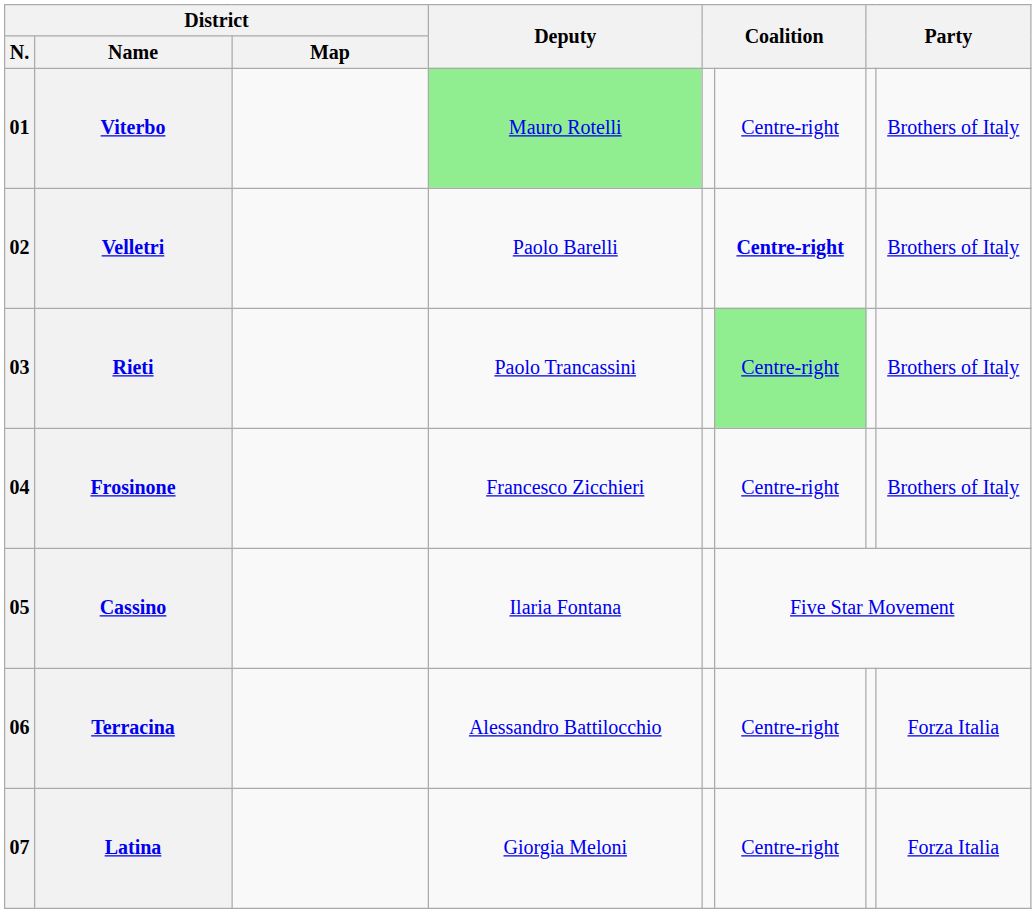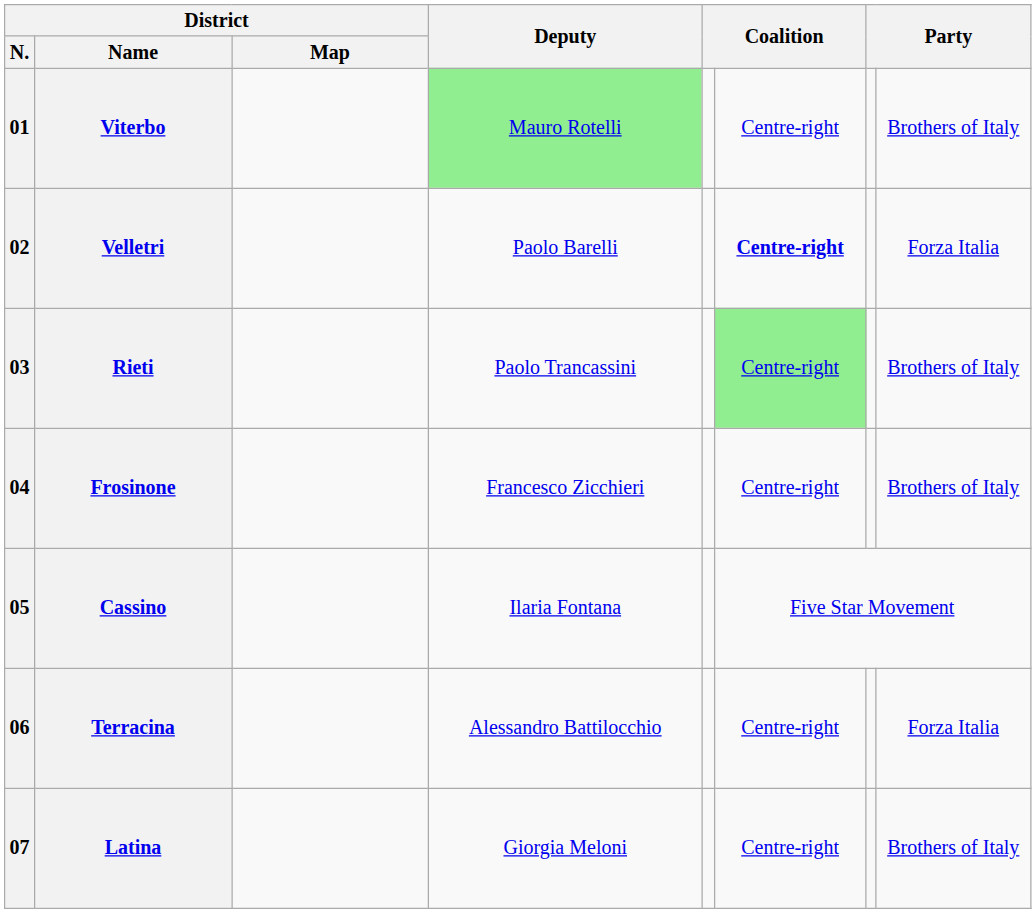 <table class="wikitable" style="text-align:center; style="width=65%">
 <tr>
 <th width=35% colspan="3">District</th>
 <th width=25% rowspan="2">Deputy</th>
 <th width=15% colspan="2" rowspan="2">Coalition</th>
 <th width=15% colspan="2" rowspan="2">Party</th>
 </tr>
 <tr>
 <th width=1%>N.</th>
 <th width=18%>Name</th>
 <th width=18%>Map</th>
 </tr>
 <tr style="height:6em;">
 <th>01</th>
 <th><a href='#'>Viterbo</a></th>
 <td></td>
 <td style="background: lightgreen;"><a href='#'>Mauro Rotelli</a></td>
 <td style="background:"></td>
 <td><a href='#'>Centre-right</a></td>
 <td style="background:"></td>
 <td><a href='#'>Brothers of Italy</a></td>
 </tr>
 <tr style="height:6em;">
 <th>02</th>
 <th><a href='#'>Velletri</a></th>
 <td></td>
 <td><a href='#'>Paolo Barelli</a></td>
 <td style="background:"></td>
 <td><strong><a href='#'>Centre-right</a></strong></td>
 <td style="background:"></td>
-<td><a href='#'>Brothers of Italy</a></td>
+<td><a href='#'>Forza Italia</a></td>
 </tr>
 <tr style="height:6em;">
 <th>03</th>
 <th><a href='#'>Rieti</a></th>
 <td></td>
 <td><a href='#'>Paolo Trancassini</a></td>
 <td style="background:"></td>
 <td style="background: lightgreen;"><a href='#'>Centre-right</a></td>
 <td style="background:"></td>
 <td><a href='#'>Brothers of Italy</a></td>
 </tr>
 <tr style="height:6em;">
 <th>04</th>
 <th><a href='#'>Frosinone</a></th>
 <td></td>
 <td><a href='#'>Francesco Zicchieri</a></td>
 <td style="background:"></td>
 <td><a href='#'>Centre-right</a></td>
 <td style="background:"></td>
 <td><a href='#'>Brothers of Italy</a></td>
 </tr>
 <tr style="height:6em;">
 <th>05</th>
 <th><a href='#'>Cassino</a></th>
 <td></td>
 <td><a href='#'>Ilaria Fontana</a></td>
 <td style="background:"></td>
 <td colspan=3><a href='#'>Five Star Movement</a></td>
 </tr>
 <tr style="height:6em;">
 <th>06</th>
 <th><a href='#'>Terracina</a></th>
 <td></td>
 <td><a href='#'>Alessandro Battilocchio</a></td>
 <td style="background:"></td>
 <td><a href='#'>Centre-right</a></td>
 <td style="background:"></td>
 <td><a href='#'>Forza Italia</a></td>
 </tr>
 <tr style="height:6em;">
 <th>07</th>
 <th><a href='#'>Latina</a></th>
 <td></td>
 <td><a href='#'>Giorgia Meloni</a></td>
 <td style="background:"></td>
 <td><a href='#'>Centre-right</a></td>
 <td style="background:"></td>
-<td><a href='#'>Forza Italia</a></td>
+<td><a href='#'>Brothers of Italy</a></td>
 </tr>
 </table>
